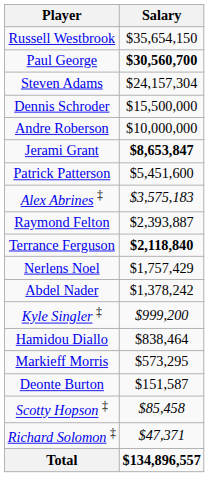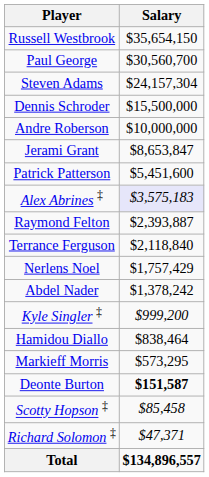 <table class="wikitable sortable mw-collapsible mw-collapsed" style="text-align: center">
 <tr>
 <th>Player</th>
 <th>Salary</th>
 </tr>
 <tr style="text-align: center">
 <td><a href='#'>Russell Westbrook</a></td>
 <td>$35,654,150</td>
 </tr>
 <tr style="text-align: center">
 <td><a href='#'>Paul George</a></td>
-<td><strong>$30,560,700</strong></td>
+<td>$30,560,700</td>
 </tr>
 <tr style="text-align: center">
 <td><a href='#'>Steven Adams</a></td>
 <td>$24,157,304</td>
 </tr>
 <tr style="text-align: center">
 <td><a href='#'>Dennis Schroder</a></td>
 <td>$15,500,000</td>
 </tr>
 <tr style="text-align: center">
 <td><a href='#'>Andre Roberson</a></td>
 <td>$10,000,000</td>
 </tr>
 <tr style="text-align: center">
 <td><a href='#'>Jerami Grant</a></td>
-<td><strong>$8,653,847</strong></td>
+<td>$8,653,847</td>
 </tr>
 <tr style="text-align: center">
 <td><a href='#'>Patrick Patterson</a></td>
 <td>$5,451,600</td>
 </tr>
 <tr style="text-align: center">
 <td><em><a href='#'>Alex Abrines</a></em> <sup>‡</sup></td>
-<td><em>$3,575,183</em></td>
+<td style="background: lavender;"><em>$3,575,183</em></td>
 </tr>
 <tr style="text-align: center">
 <td><a href='#'>Raymond Felton</a></td>
 <td>$2,393,887</td>
 </tr>
 <tr style="text-align: center">
 <td><a href='#'>Terrance Ferguson</a></td>
-<td><strong>$2,118,840</strong></td>
+<td>$2,118,840</td>
 </tr>
 <tr style="text-align: center">
 <td><a href='#'>Nerlens Noel</a></td>
 <td>$1,757,429</td>
 </tr>
 <tr style="text-align: center">
 <td><a href='#'>Abdel Nader</a></td>
 <td>$1,378,242</td>
 </tr>
 <tr style="text-align: center">
 <td><em><a href='#'>Kyle Singler</a></em> <sup>‡</sup></td>
 <td><em>$999,200</em></td>
 </tr>
 <tr style="text-align: center">
 <td><a href='#'>Hamidou Diallo</a></td>
 <td>$838,464</td>
 </tr>
 <tr style="text-align: center">
 <td><a href='#'>Markieff Morris</a></td>
 <td>$573,295</td>
 </tr>
 <tr style="text-align: center">
 <td><a href='#'>Deonte Burton</a></td>
-<td>$151,587</td>
+<td><strong>$151,587</strong></td>
 </tr>
 <tr style="text-align: center">
 <td><em><a href='#'>Scotty Hopson</a></em> <sup>‡</sup></td>
 <td><em>$85,458</em></td>
 </tr>
 <tr style="text-align: center">
 <td><em><a href='#'>Richard Solomon</a></em> <sup>‡</sup></td>
 <td><em>$47,371</em></td>
 </tr>
 <tr class="sortbottom">
 <th>Total</th>
 <td><strong>$134,896,557</strong></td>
 </tr>
 </table>
